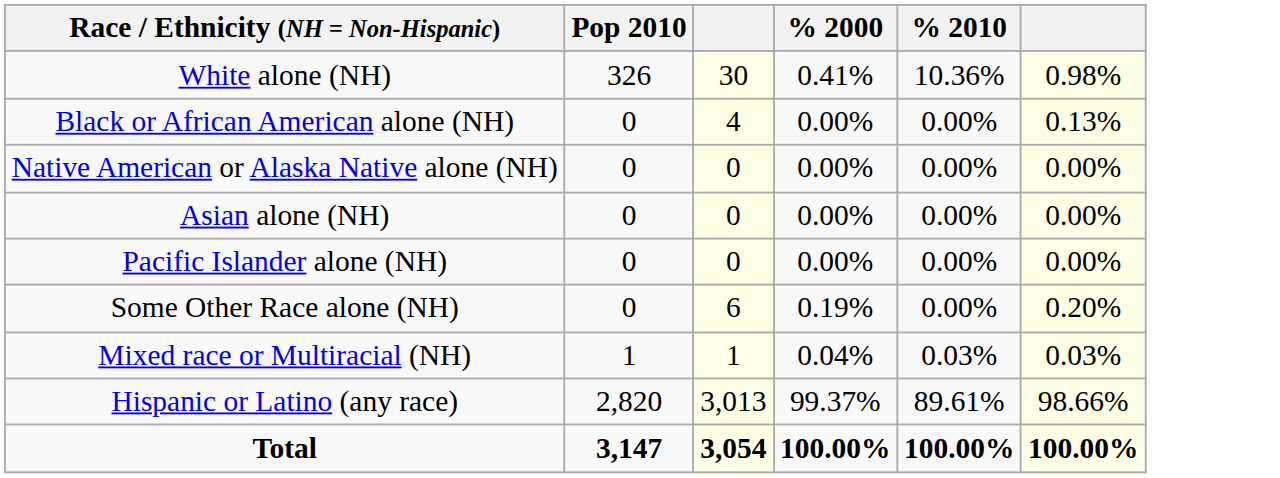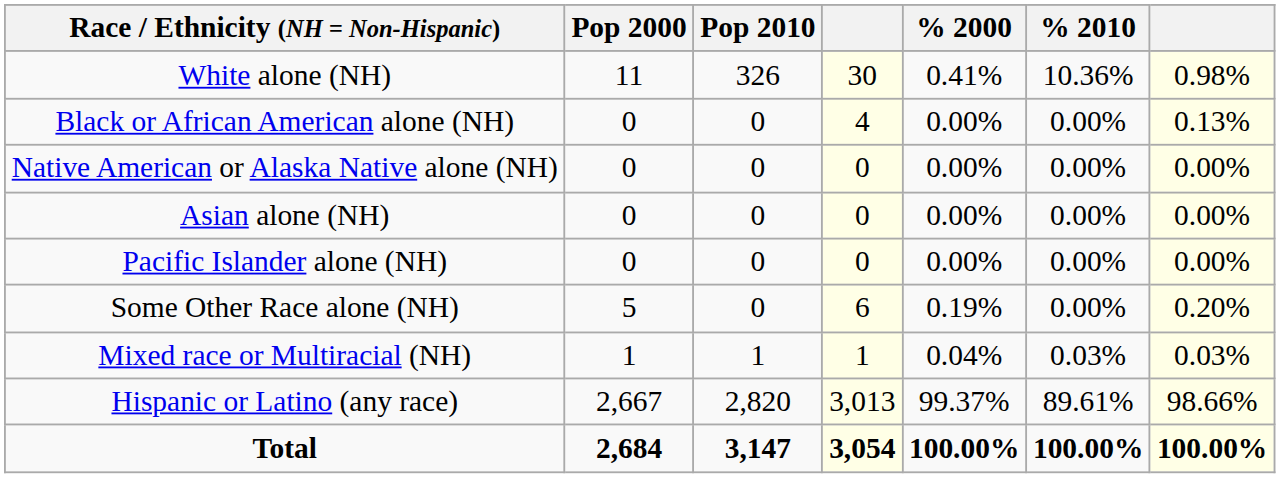 <table class="wikitable" style="text-align:center;">
 <tr>
 <th>Race / Ethnicity <small>(<em>NH = Non-Hispanic</em>)</small></th>
+<th>Pop 2000</th>
 <th>Pop 2010</th>
 <th></th>
 <th>% 2000</th>
 <th>% 2010</th>
 <th></th>
 </tr>
 <tr>
 <td><a href='#'>White</a> alone (NH)</td>
+<td>11</td>
 <td>326</td>
 <td style='background: #ffffe6;'>30</td>
 <td>0.41%</td>
 <td>10.36%</td>
 <td style='background: #ffffe6;'>0.98%</td>
 </tr>
 <tr>
 <td><a href='#'>Black or African American</a> alone (NH)</td>
 <td>0</td>
+<td>0</td>
 <td style='background: #ffffe6;'>4</td>
 <td>0.00%</td>
 <td>0.00%</td>
 <td style='background: #ffffe6;'>0.13%</td>
 </tr>
 <tr>
 <td><a href='#'>Native American</a> or <a href='#'>Alaska Native</a> alone (NH)</td>
+<td>0</td>
 <td>0</td>
 <td style='background: #ffffe6;'>0</td>
 <td>0.00%</td>
 <td>0.00%</td>
 <td style='background: #ffffe6;'>0.00%</td>
 </tr>
 <tr>
 <td><a href='#'>Asian</a> alone (NH)</td>
 <td>0</td>
+<td>0</td>
 <td style='background: #ffffe6;'>0</td>
 <td>0.00%</td>
 <td>0.00%</td>
 <td style='background: #ffffe6;'>0.00%</td>
 </tr>
 <tr>
 <td><a href='#'>Pacific Islander</a> alone (NH)</td>
 <td>0</td>
+<td>0</td>
 <td style='background: #ffffe6;'>0</td>
 <td>0.00%</td>
 <td>0.00%</td>
 <td style='background: #ffffe6;'>0.00%</td>
 </tr>
 <tr>
 <td>Some Other Race alone (NH)</td>
+<td>5</td>
 <td>0</td>
 <td style='background: #ffffe6;'>6</td>
 <td>0.19%</td>
 <td>0.00%</td>
 <td style='background: #ffffe6;'>0.20%</td>
 </tr>
 <tr>
 <td><a href='#'>Mixed race or Multiracial</a> (NH)</td>
 <td>1</td>
+<td>1</td>
 <td style='background: #ffffe6;'>1</td>
 <td>0.04%</td>
 <td>0.03%</td>
 <td style='background: #ffffe6;'>0.03%</td>
 </tr>
 <tr>
 <td><a href='#'>Hispanic or Latino</a> (any race)</td>
+<td>2,667</td>
 <td>2,820</td>
 <td style='background: #ffffe6;'>3,013</td>
 <td>99.37%</td>
 <td>89.61%</td>
 <td style='background: #ffffe6;'>98.66%</td>
 </tr>
 <tr>
 <td><strong>Total</strong></td>
+<td><strong>2,684</strong></td>
 <td><strong>3,147</strong></td>
 <td style='background: #ffffe6;'><strong>3,054</strong></td>
 <td><strong>100.00%</strong></td>
 <td><strong>100.00%</strong></td>
 <td style='background: #ffffe6;'><strong>100.00%</strong></td>
 </tr>
 </table>
